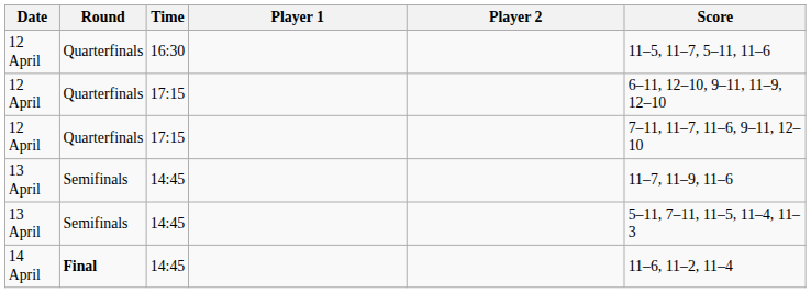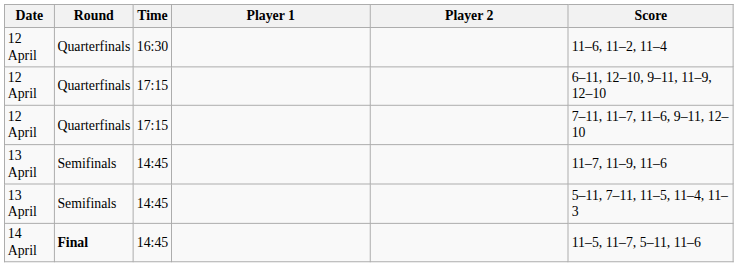 <table class="sortable wikitable" style="font-size:90%">
 <tr>
 <th width="45" class="unsortable">Date</th>
 <th width="55">Round</th>
 <th width="30">Time</th>
 <th width="200">Player 1</th>
 <th width="200">Player 2</th>
 <th width="165" class="unsortable">Score</th>
 </tr>
 <tr>
 <td>12 April</td>
 <td>Quarterfinals</td>
 <td>16:30</td>
 <td></td>
 <td><strong></strong></td>
-<td>11–5, 11–7, 5–11, 11–6</td>
+<td>11–6, 11–2, 11–4</td>
 </tr>
 <tr>
 <td>12 April</td>
 <td>Quarterfinals</td>
 <td>17:15</td>
 <td></td>
 <td><strong></strong></td>
 <td>6–11, 12–10, 9–11, 11–9, 12–10</td>
 </tr>
 <tr>
 <td>12 April</td>
 <td>Quarterfinals</td>
 <td>17:15</td>
 <td></td>
 <td><strong></strong></td>
 <td>7–11, 11–7, 11–6, 9–11, 12–10</td>
 </tr>
 <tr>
 <td>13 April</td>
 <td>Semifinals</td>
 <td>14:45</td>
 <td><strong></strong></td>
 <td></td>
 <td>11–7, 11–9, 11–6</td>
 </tr>
 <tr>
 <td>13 April</td>
 <td>Semifinals</td>
 <td>14:45</td>
 <td><strong></strong></td>
 <td></td>
 <td>5–11, 7–11, 11–5, 11–4, 11–3</td>
 </tr>
 <tr>
 <td>14 April</td>
 <td><strong>Final</strong></td>
 <td>14:45</td>
 <td><strong></strong></td>
 <td></td>
-<td>11–6, 11–2, 11–4</td>
+<td>11–5, 11–7, 5–11, 11–6</td>
 </tr>
 </table>
